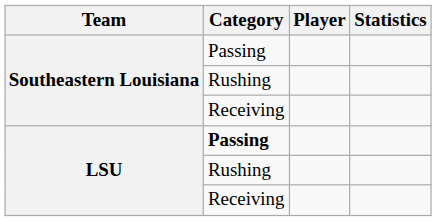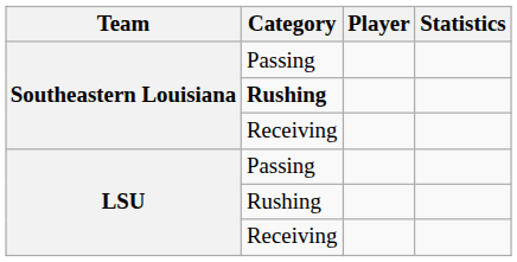 <table class="wikitable" style="float:right">
 <tr>
 <th>Team</th>
 <th>Category</th>
 <th>Player</th>
 <th>Statistics</th>
 </tr>
 <tr>
 <th rowspan=3>Southeastern Louisiana</th>
 <td>Passing</td>
 <td></td>
 <td></td>
 </tr>
 <tr>
-<td>Rushing</td>
+<td><strong>Rushing</strong></td>
 <td></td>
 <td></td>
 </tr>
 <tr>
 <td>Receiving</td>
 <td></td>
 <td></td>
 </tr>
 <tr>
 <th rowspan=3>LSU</th>
-<td><strong>Passing</strong></td>
+<td>Passing</td>
 <td></td>
 <td></td>
 </tr>
 <tr>
 <td>Rushing</td>
 <td></td>
 <td></td>
 </tr>
 <tr>
 <td>Receiving</td>
 <td></td>
 <td></td>
 </tr>
 </table>
